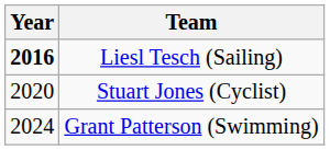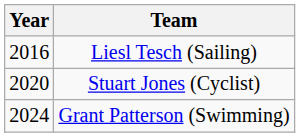 <table class="wikitable" style="text-align:center">
 <tr>
 <th>Year</th>
 <th>Team</th>
 </tr>
 <tr align="center">
-<td><strong>2016</strong></td>
+<td>2016</td>
 <td><a href='#'>Liesl Tesch</a> (Sailing)</td>
 </tr>
 <tr align="center">
 <td>2020</td>
 <td><a href='#'>Stuart Jones</a> (Cyclist) </td>
 </tr>
 <tr>
 <td>2024</td>
 <td><a href='#'>Grant Patterson</a> (Swimming)</td>
 </tr>
 </table>
